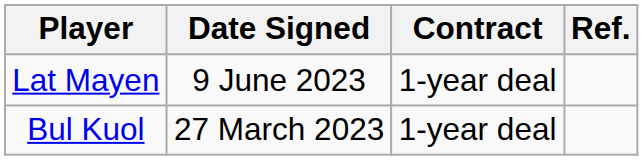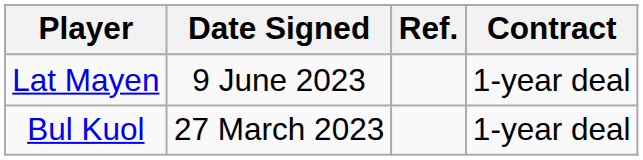 <table class="wikitable sortable sortable" style="text-align: center">
 <tr>
 <th>Player</th>
 <th>Date Signed</th>
+<th>Ref.</th>
 <th>Contract</th>
-<th>Ref.</th>
 </tr>
 <tr>
 <td><a href='#'>Lat Mayen</a></td>
 <td>9 June 2023</td>
+<td></td>
 <td>1-year deal</td>
-<td></td>
 </tr>
 <tr>
 <td><a href='#'>Bul Kuol</a></td>
 <td>27 March 2023</td>
+<td></td>
 <td>1-year deal</td>
-<td></td>
 </tr>
 </table>
